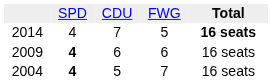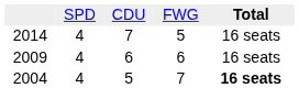 <table border="0" cellpadding="2" cellspacing="0" width="300">
 <tr bgcolor="#eeeeee" align="center">
 <td></td>
 <td><a href='#'>SPD</a></td>
 <td><a href='#'>CDU</a></td>
 <td><a href='#'>FWG</a></td>
 <td><strong>Total</strong></td>
 </tr>
 <tr align="center">
 <td>2014</td>
 <td>4</td>
 <td>7</td>
 <td>5</td>
-<td><strong>16 seats</strong></td>
+<td>16 seats</td>
 </tr>
 <tr align="center">
 <td>2009</td>
-<td><strong>4</strong></td>
+<td>4</td>
 <td>6</td>
 <td>6</td>
 <td>16 seats</td>
 </tr>
 <tr align="center">
 <td>2004</td>
-<td><strong>4</strong></td>
+<td>4</td>
 <td>5</td>
 <td>7</td>
-<td>16 seats</td>
+<td><strong>16 seats</strong></td>
 </tr>
 </table>
